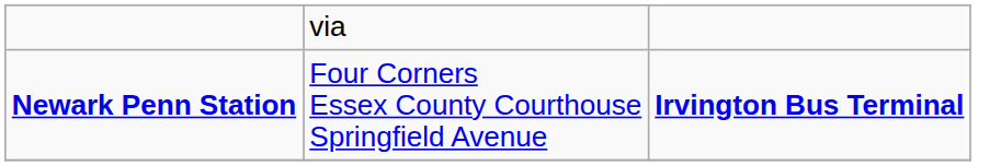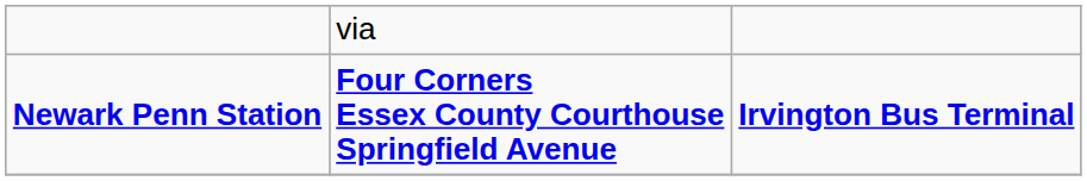 <table class=wikitable>
 <tr>
 <td><strong> </strong></td>
 <td>via</td>
 <td></td>
 </tr>
 <tr>
 <td><strong><a href='#'>Newark Penn Station</a></strong></td>
-<td><a href='#'>Four Corners</a><br><a href='#'>Essex County Courthouse</a><br><a href='#'>Springfield Avenue</a></td>
+<td><strong><a href='#'>Four Corners</a><br><a href='#'>Essex County Courthouse</a><br><a href='#'>Springfield Avenue</a></strong></td>
 <td><strong><a href='#'>Irvington Bus Terminal</a></strong></td>
 </tr>
 <tr>
 </tr>
 </table>
